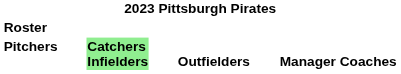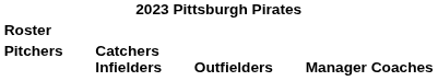 <table class="toccolours" style="font-size: 95%;">
 <tr>
 <th colspan="10"><strong>2023 Pittsburgh Pirates</strong></th>
 </tr>
 <tr>
 <td colspan="10"><strong>Roster</strong></td>
 </tr>
 <tr>
 <td valign="top"><strong>Pitchers</strong><br>                            </td>
 <td style="width:25px;"></td>
-<td valign="top" style="background: lightgreen;"><strong>Catchers</strong><br>    <strong>Infielders</strong>                </td>
+<td valign="top"><strong>Catchers</strong><br>    <strong>Infielders</strong>                </td>
 <td style="width:25px;"></td>
 <td valign="top"><br><strong>Outfielders</strong>          </td>
 <td style="width:25px;"></td>
 <td valign="top"><br><strong>Manager</strong>  <strong>Coaches</strong>                         </td>
 </tr>
 </table>
